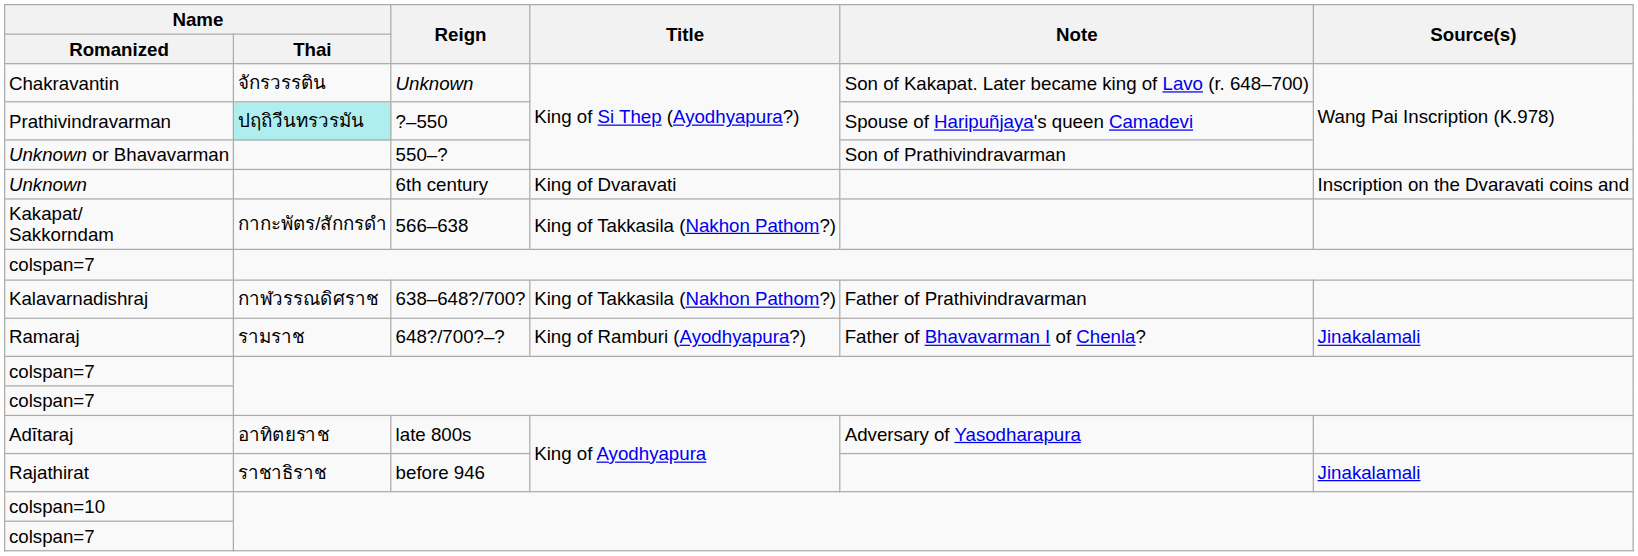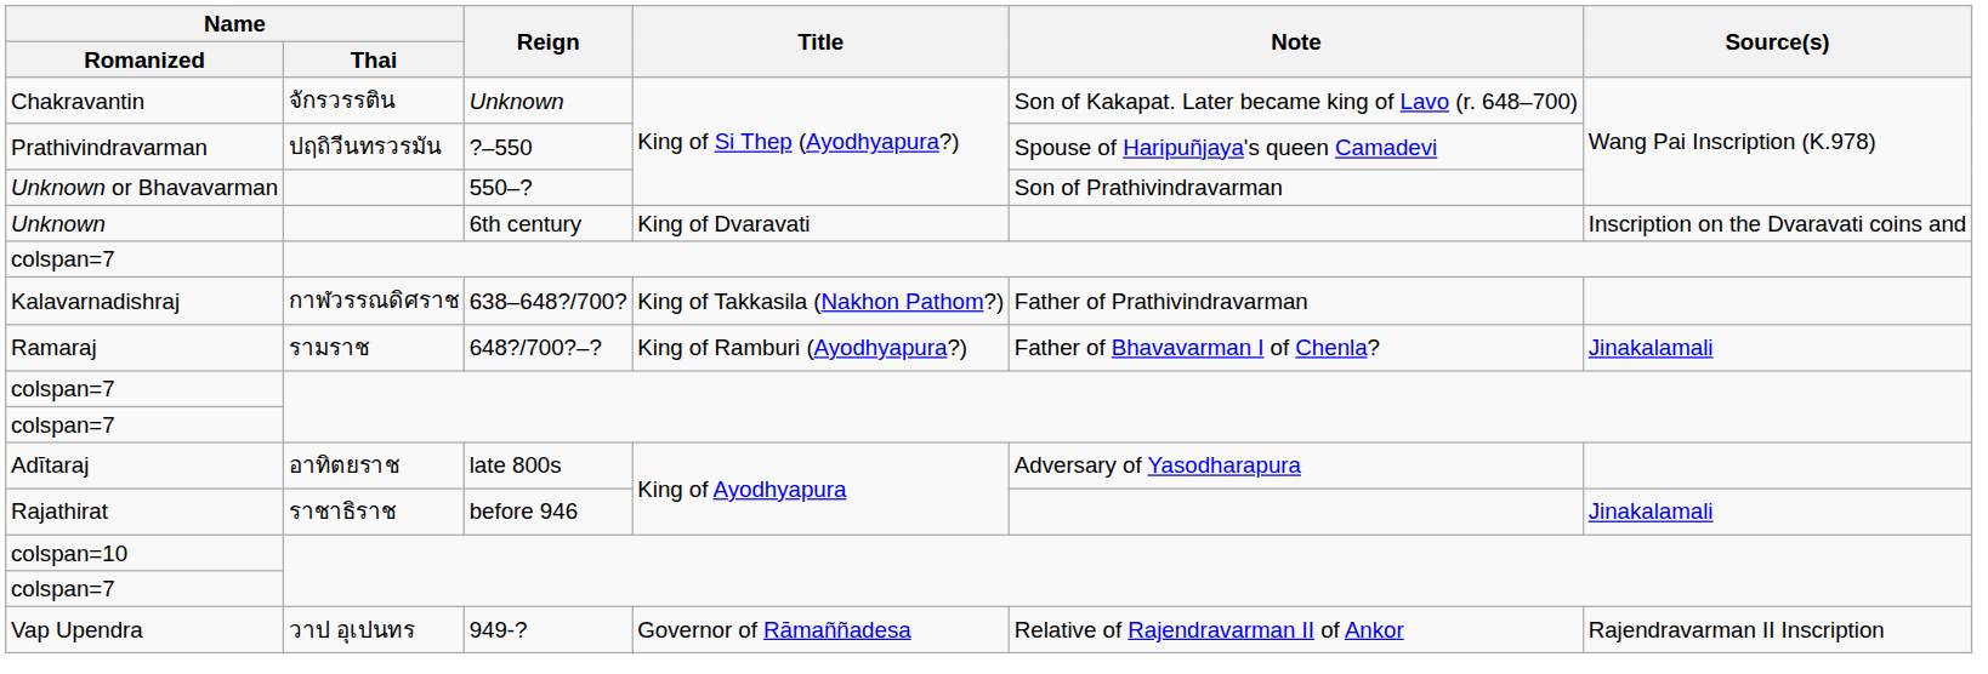 <table class="wikitable" style="font-size:95%;">
 <tr>
 <th colspan=2>Name</th>
 <th rowspan=2>Reign</th>
 <th rowspan=2>Title</th>
 <th rowspan=2>Note</th>
 <th rowspan=2>Source(s)</th>
 </tr>
 <tr>
 <th>Romanized</th>
 <th>Thai</th>
 </tr>
 <tr>
 <td>Chakravantin</td>
 <td>จักรวรรติน</td>
 <td><em>Unknown</em></td>
 <td rowspan=3>King of <a href='#'>Si Thep</a> (<a href='#'>Ayodhyapura</a>?)</td>
 <td>Son of Kakapat. Later became king of <a href='#'>Lavo</a> (r. 648–700)</td>
 <td rowspan=3>Wang Pai Inscription (K.978)</td>
 </tr>
 <tr>
 <td>Prathivindravarman</td>
-<td style="background: paleturquoise;">ปฤถิวีนทรวรมัน</td>
+<td>ปฤถิวีนทรวรมัน</td>
 <td>?–550</td>
 <td>Spouse of <a href='#'>Haripuñjaya</a>'s queen <a href='#'>Camadevi</a></td>
 </tr>
 <tr>
 <td><em>Unknown</em> or Bhavavarman</td>
 <td></td>
 <td>550–?</td>
 <td>Son of Prathivindravarman</td>
 </tr>
 <tr>
 <td><em>Unknown</em></td>
 <td></td>
 <td> 6th century</td>
 <td>King of Dvaravati</td>
 <td></td>
 <td>Inscription on the Dvaravati coins and </td>
-</tr>
-<tr>
-<td>Kakapat/<br>Sakkorndam</td>
-<td>กากะพัตร/สักกรดำ</td>
-<td>566–638</td>
-<td>King of Takkasila (<a href='#'>Nakhon Pathom</a>?)</td>
-<td></td>
-<td></td>
 </tr>
 <tr>
 <td>colspan=7 </td>
 </tr>
 <tr>
 <td>Kalavarnadishraj</td>
 <td>กาฬวรรณดิศราช</td>
 <td>638–648?/700?</td>
 <td>King of Takkasila (<a href='#'>Nakhon Pathom</a>?)</td>
 <td>Father of Prathivindravarman</td>
 <td></td>
 </tr>
 <tr>
 <td>Ramaraj</td>
 <td>รามราช</td>
 <td>648?/700?–?</td>
 <td>King of Ramburi (<a href='#'>Ayodhyapura</a>?)</td>
 <td>Father of <a href='#'>Bhavavarman I</a> of <a href='#'>Chenla</a>?</td>
 <td><a href='#'>Jinakalamali</a></td>
 </tr>
 <tr>
 <td>colspan=7 </td>
 </tr>
 <tr>
 <td>colspan=7 </td>
 </tr>
 <tr>
 <td>Adītaraj</td>
 <td>อาทิตยราช</td>
 <td>late 800s</td>
 <td rowspan=2>King of <a href='#'>Ayodhyapura</a></td>
 <td>Adversary of <a href='#'>Yasodharapura</a></td>
 <td></td>
 </tr>
 <tr>
 <td>Rajathirat</td>
 <td>ราชาธิราช</td>
 <td>before 946</td>
 <td></td>
 <td><a href='#'>Jinakalamali</a></td>
 </tr>
 <tr>
 <td>colspan=10 </td>
 </tr>
 <tr>
 <td>colspan=7 </td>
 </tr>
+<tr>
+<td>Vap Upendra</td>
+<td>วาป อุเปนทร</td>
+<td>949-?</td>
+<td>Governor of <a href='#'>Rāmaññadesa</a></td>
+<td>Relative of <a href='#'>Rajendravarman II</a> of <a href='#'>Ankor</a></td>
+<td>Rajendravarman II Inscription</td>
+</tr>
 </table>
